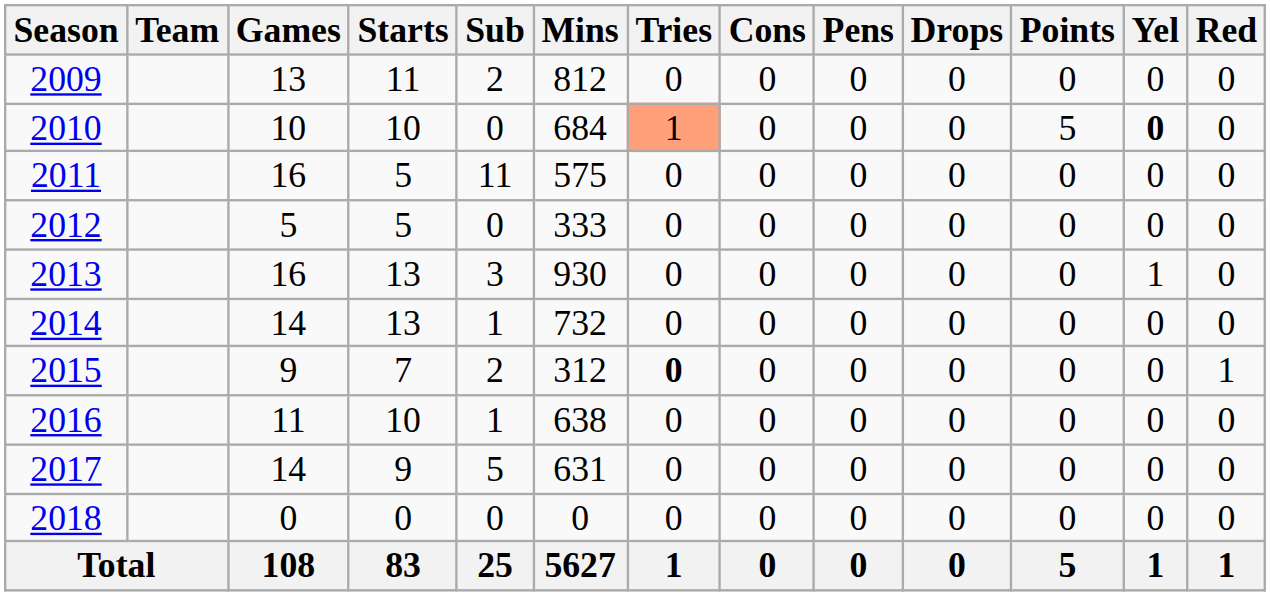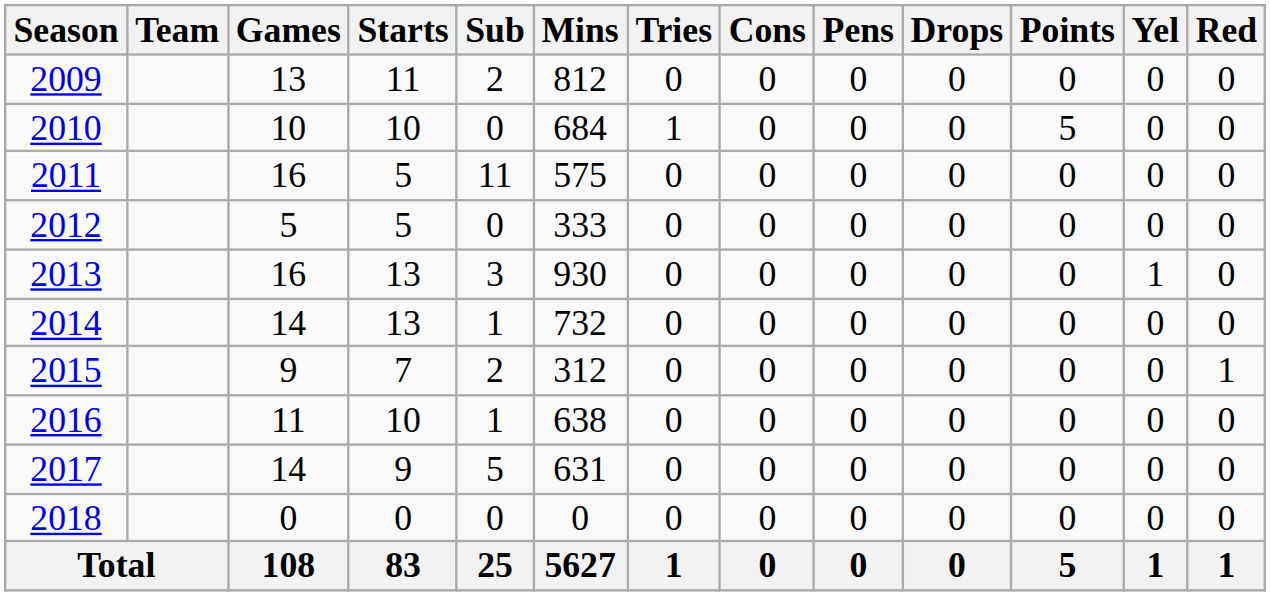 <table class="wikitable" style="text-align:center; line-height:90%; font-size:95%; width:70%;">
 <tr>
 <th>Season</th>
 <th>Team</th>
 <th>Games</th>
 <th>Starts</th>
 <th>Sub</th>
 <th>Mins</th>
 <th>Tries</th>
 <th>Cons</th>
 <th>Pens</th>
 <th>Drops</th>
 <th>Points</th>
 <th>Yel</th>
 <th>Red</th>
 </tr>
 <tr>
 <td><a href='#'>2009</a></td>
 <td></td>
 <td>13</td>
 <td>11</td>
 <td>2</td>
 <td>812</td>
 <td>0</td>
 <td>0</td>
 <td>0</td>
 <td>0</td>
 <td>0</td>
 <td>0</td>
 <td>0</td>
 </tr>
 <tr>
 <td><a href='#'>2010</a></td>
 <td></td>
 <td>10</td>
 <td>10</td>
 <td>0</td>
 <td>684</td>
-<td style="background: lightsalmon;">1</td>
+<td>1</td>
 <td>0</td>
 <td>0</td>
 <td>0</td>
 <td>5</td>
-<td><strong>0</strong></td>
+<td>0</td>
 <td>0</td>
 </tr>
 <tr>
 <td><a href='#'>2011</a></td>
 <td></td>
 <td>16</td>
 <td>5</td>
 <td>11</td>
 <td>575</td>
 <td>0</td>
 <td>0</td>
 <td>0</td>
 <td>0</td>
 <td>0</td>
 <td>0</td>
 <td>0</td>
 </tr>
 <tr>
 <td><a href='#'>2012</a></td>
 <td></td>
 <td>5</td>
 <td>5</td>
 <td>0</td>
 <td>333</td>
 <td>0</td>
 <td>0</td>
 <td>0</td>
 <td>0</td>
 <td>0</td>
 <td>0</td>
 <td>0</td>
 </tr>
 <tr>
 <td><a href='#'>2013</a></td>
 <td></td>
 <td>16</td>
 <td>13</td>
 <td>3</td>
 <td>930</td>
 <td>0</td>
 <td>0</td>
 <td>0</td>
 <td>0</td>
 <td>0</td>
 <td>1</td>
 <td>0</td>
 </tr>
 <tr>
 <td><a href='#'>2014</a></td>
 <td></td>
 <td>14</td>
 <td>13</td>
 <td>1</td>
 <td>732</td>
 <td>0</td>
 <td>0</td>
 <td>0</td>
 <td>0</td>
 <td>0</td>
 <td>0</td>
 <td>0</td>
 </tr>
 <tr>
 <td><a href='#'>2015</a></td>
 <td></td>
 <td>9</td>
 <td>7</td>
 <td>2</td>
 <td>312</td>
-<td><strong>0</strong></td>
+<td>0</td>
 <td>0</td>
 <td>0</td>
 <td>0</td>
 <td>0</td>
 <td>0</td>
 <td>1</td>
 </tr>
 <tr>
 <td><a href='#'>2016</a></td>
 <td></td>
 <td>11</td>
 <td>10</td>
 <td>1</td>
 <td>638</td>
 <td>0</td>
 <td>0</td>
 <td>0</td>
 <td>0</td>
 <td>0</td>
 <td>0</td>
 <td>0</td>
 </tr>
 <tr>
 <td><a href='#'>2017</a></td>
 <td></td>
 <td>14</td>
 <td>9</td>
 <td>5</td>
 <td>631</td>
 <td>0</td>
 <td>0</td>
 <td>0</td>
 <td>0</td>
 <td>0</td>
 <td>0</td>
 <td>0</td>
 </tr>
 <tr>
 <td><a href='#'>2018</a></td>
 <td></td>
 <td>0</td>
 <td>0</td>
 <td>0</td>
 <td>0</td>
 <td>0</td>
 <td>0</td>
 <td>0</td>
 <td>0</td>
 <td>0</td>
 <td>0</td>
 <td>0</td>
 </tr>
 <tr>
 <th colspan="2">Total</th>
 <th>108</th>
 <th>83</th>
 <th>25</th>
 <th>5627</th>
 <th>1</th>
 <th>0</th>
 <th>0</th>
 <th>0</th>
 <th>5</th>
 <th>1</th>
 <th>1</th>
 </tr>
 </table>
